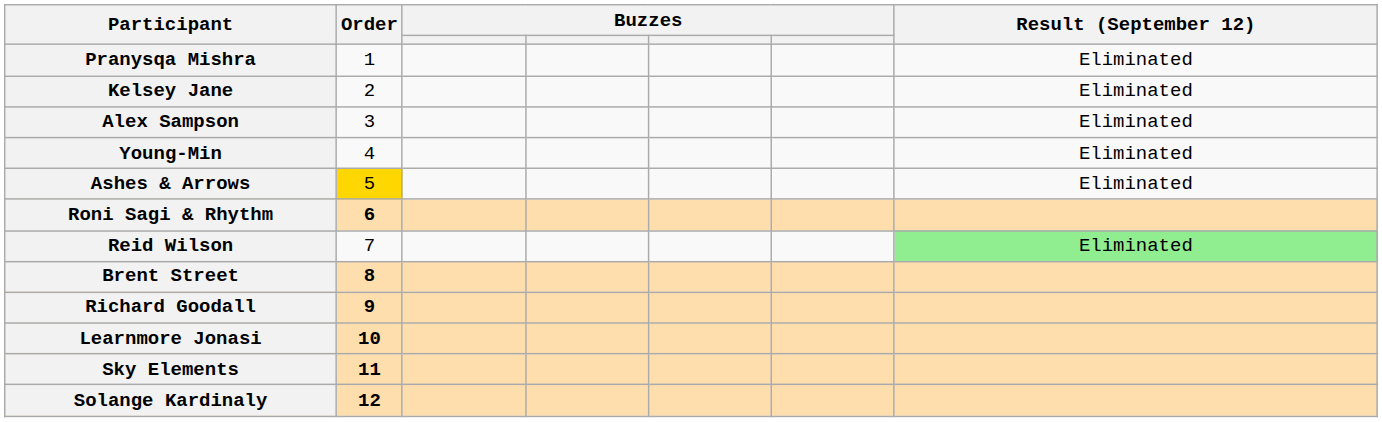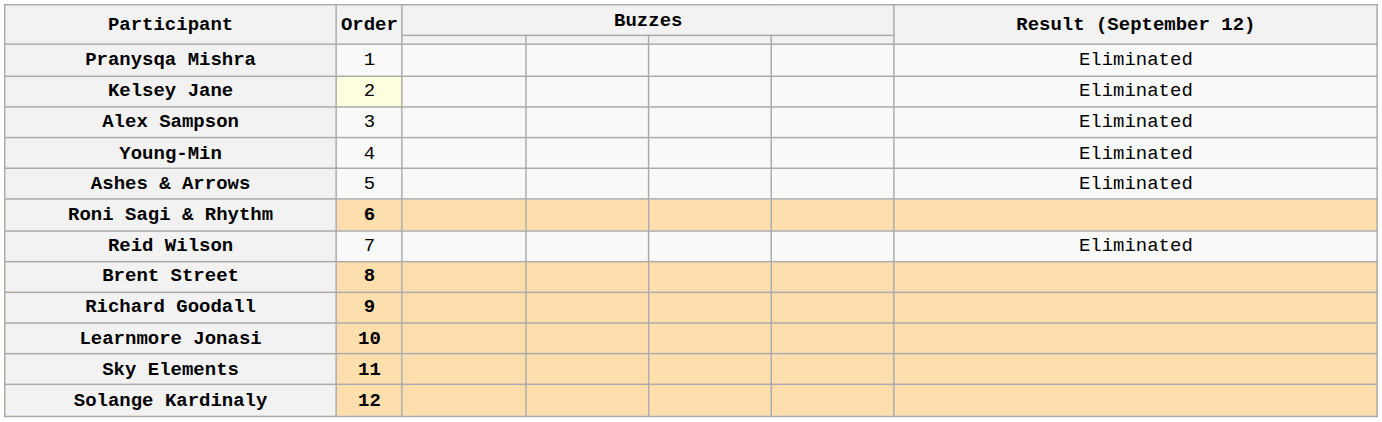 <table class="wikitable plainrowheaders sortable" style="text-align:center;">
 <tr>
 <th scope="col" rowspan="2" class="unsortable" style="width:17em;">Participant</th>
 <th scope="col" rowspan="2" style="width:1em;">Order</th>
 <th scope="col" colspan="4" class="unsortable" style="width:24em;">Buzzes</th>
 <th scope="col" rowspan="2" style="width:25em;">Result (September 12)</th>
 </tr>
 <tr>
 <th scope="col" class="unsortable" style="width:6em;"></th>
 <th scope="col" class="unsortable" style="width:6em;"></th>
 <th scope="col" class="unsortable" style="width:6em;"></th>
 <th scope="col" class="unsortable" style="width:6em;"></th>
 </tr>
 <tr>
 <th scope="row">Pranysqa Mishra</th>
 <td>1</td>
 <td style="text-align:center;"></td>
 <td style="text-align:center;"></td>
 <td style="text-align:center;"></td>
 <td style="text-align:center;"></td>
 <td>Eliminated</td>
 </tr>
 <tr>
 <th scope="row">Kelsey Jane</th>
-<td>2</td>
+<td style="background: lightyellow;">2</td>
 <td style="text-align:center;"></td>
 <td style="text-align:center;"></td>
 <td style="text-align:center;"></td>
 <td style="text-align:center;"></td>
 <td>Eliminated</td>
 </tr>
 <tr>
 <th scope="row">Alex Sampson</th>
 <td>3</td>
 <td style="text-align:center;"></td>
 <td style="text-align:center;"></td>
 <td style="text-align:center;"></td>
 <td style="text-align:center;"></td>
 <td>Eliminated</td>
 </tr>
 <tr>
 <th scope="row">Young-Min</th>
 <td>4</td>
 <td style="text-align:center;"></td>
 <td style="text-align:center;"></td>
 <td style="text-align:center;"></td>
 <td style="text-align:center;"></td>
 <td>Eliminated</td>
 </tr>
 <tr>
 <th scope="row">Ashes & Arrows</th>
-<td style="background: gold;">5</td>
+<td>5</td>
 <td style="text-align:center;"></td>
 <td style="text-align:center;"></td>
 <td style="text-align:center;"></td>
 <td style="text-align:center;"></td>
 <td>Eliminated</td>
 </tr>
 <tr bgcolor=navajowhite>
 <th scope="row"><strong>Roni Sagi & Rhythm</strong></th>
 <td><strong>6</strong></td>
 <td style="text-align:center;"></td>
 <td style="text-align:center;"></td>
 <td style="text-align:center;"></td>
 <td style="text-align:center;"></td>
 <td><strong></strong></td>
 </tr>
 <tr>
 <th scope="row">Reid Wilson</th>
 <td>7</td>
 <td style="text-align:center;"></td>
 <td style="text-align:center;"></td>
 <td style="text-align:center;"></td>
 <td style="text-align:center;"></td>
-<td style="background: lightgreen;">Eliminated</td>
+<td>Eliminated</td>
 </tr>
 <tr bgcolor=navajowhite>
 <th scope="row"><strong>Brent Street</strong></th>
 <td><strong>8</strong></td>
 <td style="text-align:center;"></td>
 <td style="text-align:center;"></td>
 <td style="text-align:center;"></td>
 <td style="text-align:center;"></td>
 <td><strong></strong></td>
 </tr>
 <tr bgcolor=navajowhite>
 <th scope="row"><strong>Richard Goodall</strong></th>
 <td><strong>9</strong></td>
 <td style="text-align:center;"></td>
 <td style="text-align:center;"></td>
 <td style="text-align:center;"></td>
 <td style="text-align:center;"></td>
 <td><strong></strong></td>
 </tr>
 <tr bgcolor=navajowhite>
 <th scope="row"><strong>Learnmore Jonasi</strong></th>
 <td><strong>10</strong></td>
 <td style="text-align:center;"></td>
 <td style="text-align:center;"></td>
 <td style="text-align:center;"></td>
 <td style="text-align:center;"></td>
 <td><strong></strong></td>
 </tr>
 <tr bgcolor=navajowhite>
 <th scope="row"><strong>Sky Elements</strong></th>
 <td><strong>11</strong></td>
 <td style="text-align:center;"></td>
 <td style="text-align:center;"></td>
 <td style="text-align:center;"></td>
 <td style="text-align:center;"></td>
 <td><strong></strong></td>
 </tr>
 <tr bgcolor=navajowhite>
 <th scope="row"><strong>Solange Kardinaly</strong></th>
 <td><strong>12</strong></td>
 <td style="text-align:center;"></td>
 <td style="text-align:center;"></td>
 <td style="text-align:center;"></td>
 <td style="text-align:center;"></td>
 <td><strong></strong></td>
 </tr>
 </table>
